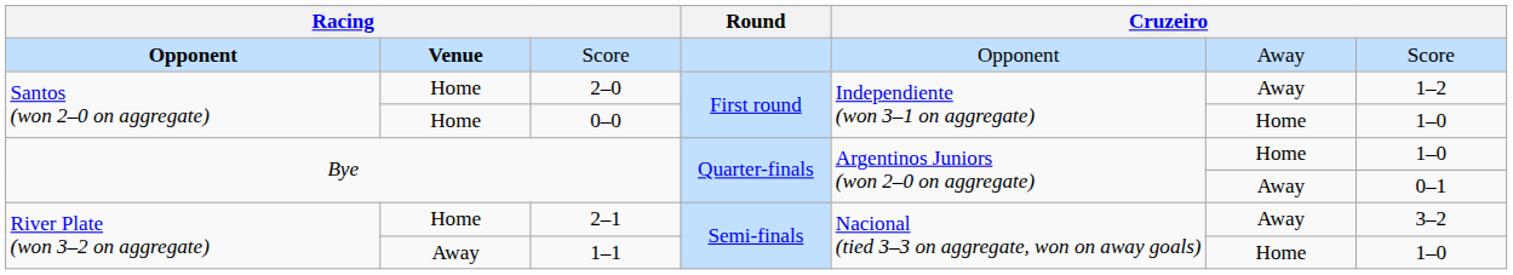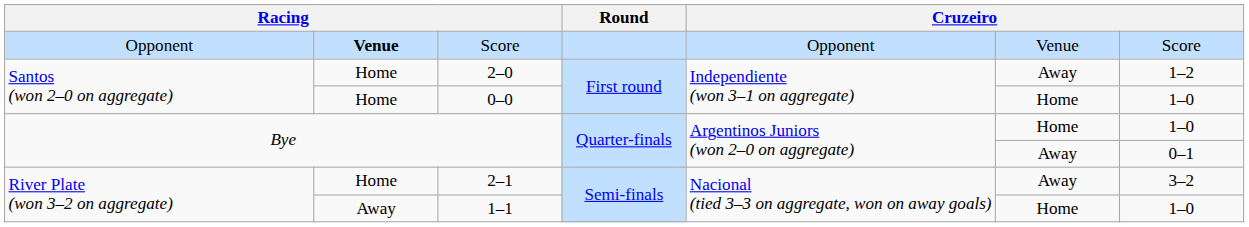 <table class="wikitable" style="text-align: center;">
 <tr>
 <th colspan=3> <a href='#'>Racing</a></th>
 <th>Round</th>
 <th colspan=3> <a href='#'>Cruzeiro</a></th>
 </tr>
 <tr bgcolor=#c1e0ff>
-<td width=25%><strong>Opponent</strong></td>
+<td width=25%>Opponent</td>
 <td width=10%><strong>Venue</strong></td>
 <td width=10%>Score</td>
 <td width=10%></td>
 <td width=25%>Opponent</td>
-<td>Away</td>
+<td width=10%>Venue</td>
 <td width=10%>Score</td>
 </tr>
 <tr>
 <td rowspan=2 align=left> <a href='#'>Santos</a><br><em>(won 2–0 on aggregate)</em></td>
 <td>Home</td>
 <td>2–0</td>
 <td rowspan=2 bgcolor=#c1e0ff><a href='#'>First round</a></td>
 <td rowspan=2 align=left> <a href='#'>Independiente</a><br><em>(won 3–1 on aggregate)</em></td>
 <td>Away</td>
 <td>1–2</td>
 </tr>
 <tr>
 <td>Home</td>
 <td>0–0</td>
 <td>Home</td>
 <td>1–0</td>
 </tr>
 <tr>
 <td colspan=3 rowspan=2><em>Bye</em></td>
 <td rowspan=2 bgcolor=#c1e0ff><a href='#'>Quarter-finals</a></td>
 <td rowspan=2 align=left> <a href='#'>Argentinos Juniors</a><br><em>(won 2–0 on aggregate)</em></td>
 <td>Home</td>
 <td>1–0</td>
 </tr>
 <tr>
 <td>Away</td>
 <td>0–1</td>
 </tr>
 <tr>
 <td rowspan=2 align=left> <a href='#'>River Plate</a><br><em>(won 3–2 on aggregate)</em></td>
 <td>Home</td>
 <td>2–1</td>
 <td rowspan=2 bgcolor=#c1e0ff><a href='#'>Semi-finals</a></td>
 <td rowspan=2 align=left> <a href='#'>Nacional</a><br><em>(tied 3–3 on aggregate, won on away goals)</em></td>
 <td>Away</td>
 <td>3–2</td>
 </tr>
 <tr>
 <td>Away</td>
 <td>1–1</td>
 <td>Home</td>
 <td>1–0</td>
 </tr>
 </table>
